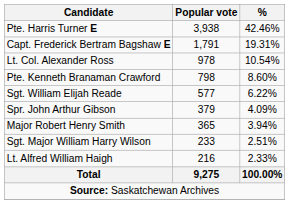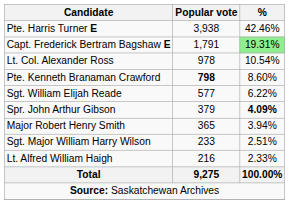 <table class="wikitable">
 <tr>
 <th>Candidate</th>
 <th>Popular vote</th>
 <th>%</th>
 </tr>
 <tr>
 <td>Pte. Harris Turner <strong>E</strong></td>
 <td align=center>3,938</td>
 <td align=center>42.46%</td>
 </tr>
 <tr>
 <td>Capt. Frederick Bertram Bagshaw <strong>E</strong></td>
 <td align=center>1,791</td>
-<td align=center>19.31%</td>
+<td align=center style="background: lightgreen;">19.31%</td>
 </tr>
 <tr>
 <td>Lt. Col. Alexander Ross</td>
 <td align=center>978</td>
 <td align=center>10.54%</td>
 </tr>
 <tr>
 <td>Pte. Kenneth Branaman Crawford</td>
-<td align=center>798</td>
+<td align=center><strong>798</strong></td>
 <td align=center>8.60%</td>
 </tr>
 <tr>
 <td>Sgt. William Elijah Reade</td>
 <td align=center>577</td>
 <td align=center>6.22%</td>
 </tr>
 <tr>
 <td>Spr. John Arthur Gibson</td>
 <td align=center>379</td>
-<td align=center>4.09%</td>
+<td align=center><strong>4.09%</strong></td>
 </tr>
 <tr>
 <td>Major Robert Henry Smith</td>
 <td align=center>365</td>
 <td align=center>3.94%</td>
 </tr>
 <tr>
 <td>Sgt. Major William Harry Wilson</td>
 <td align=center>233</td>
 <td align=center>2.51%</td>
 </tr>
 <tr>
 <td>Lt. Alfred William Haigh</td>
 <td align=center>216</td>
 <td align=center>2.33%</td>
 </tr>
 <tr>
 <th>Total</th>
 <th align=right>9,275</th>
 <th align=right>100.00%</th>
 </tr>
 <tr>
 <td align="center" colspan=3><strong>Source:</strong> Saskatchewan Archives</td>
 </tr>
 <tr>
 </tr>
 </table>
